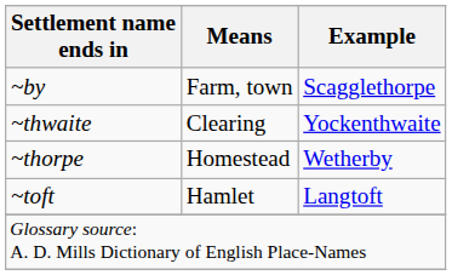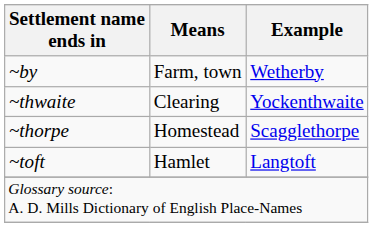 <table class="wikitable" align="center" cellpadding="1" cellspacing="1" align="left" style="margin:0 0 1em 1em">
 <tr>
 </tr>
 <tr>
 <th colspan=1 align="left">Settlement name<br>ends in</th>
 <th colspan=1 align="left">Means</th>
 <th colspan=1 align="left">Example</th>
 </tr>
 <tr>
 <td><em>~by</em></td>
 <td>Farm, town</td>
-<td><a href='#'>Scagglethorpe</a></td>
+<td><a href='#'>Wetherby</a></td>
 </tr>
 <tr>
 <td><em>~thwaite</em></td>
 <td>Clearing</td>
 <td><a href='#'>Yockenthwaite</a></td>
 </tr>
 <tr>
 <td><em>~thorpe</em></td>
 <td>Homestead</td>
-<td><a href='#'>Wetherby</a></td>
+<td><a href='#'>Scagglethorpe</a></td>
 </tr>
 <tr>
 <td><em>~toft</em></td>
 <td>Hamlet</td>
 <td><a href='#'>Langtoft</a></td>
 </tr>
 <tr>
 </tr>
 <tr>
 </tr>
 <tr>
 <td colspan="4" style="font-size: small"><em>Glossary source</em>:<br>A. D. Mills Dictionary of English Place-Names<br> </td>
 </tr>
 <tr>
 </tr>
 </table>
